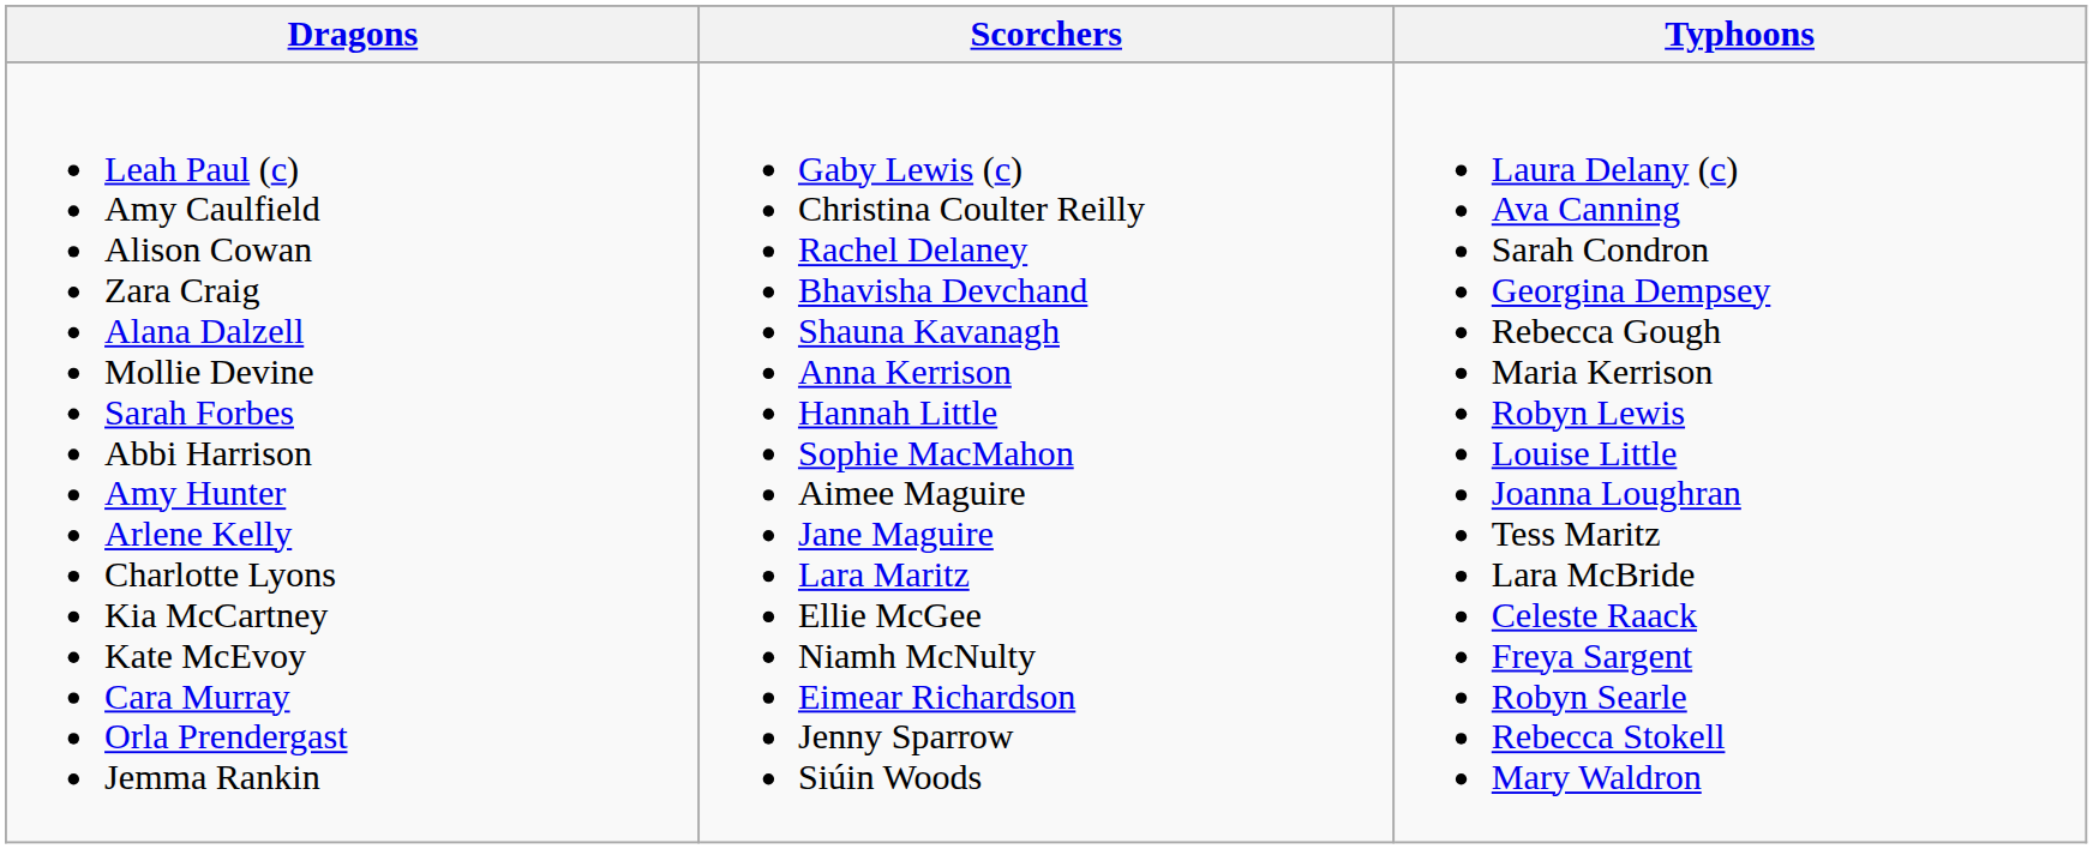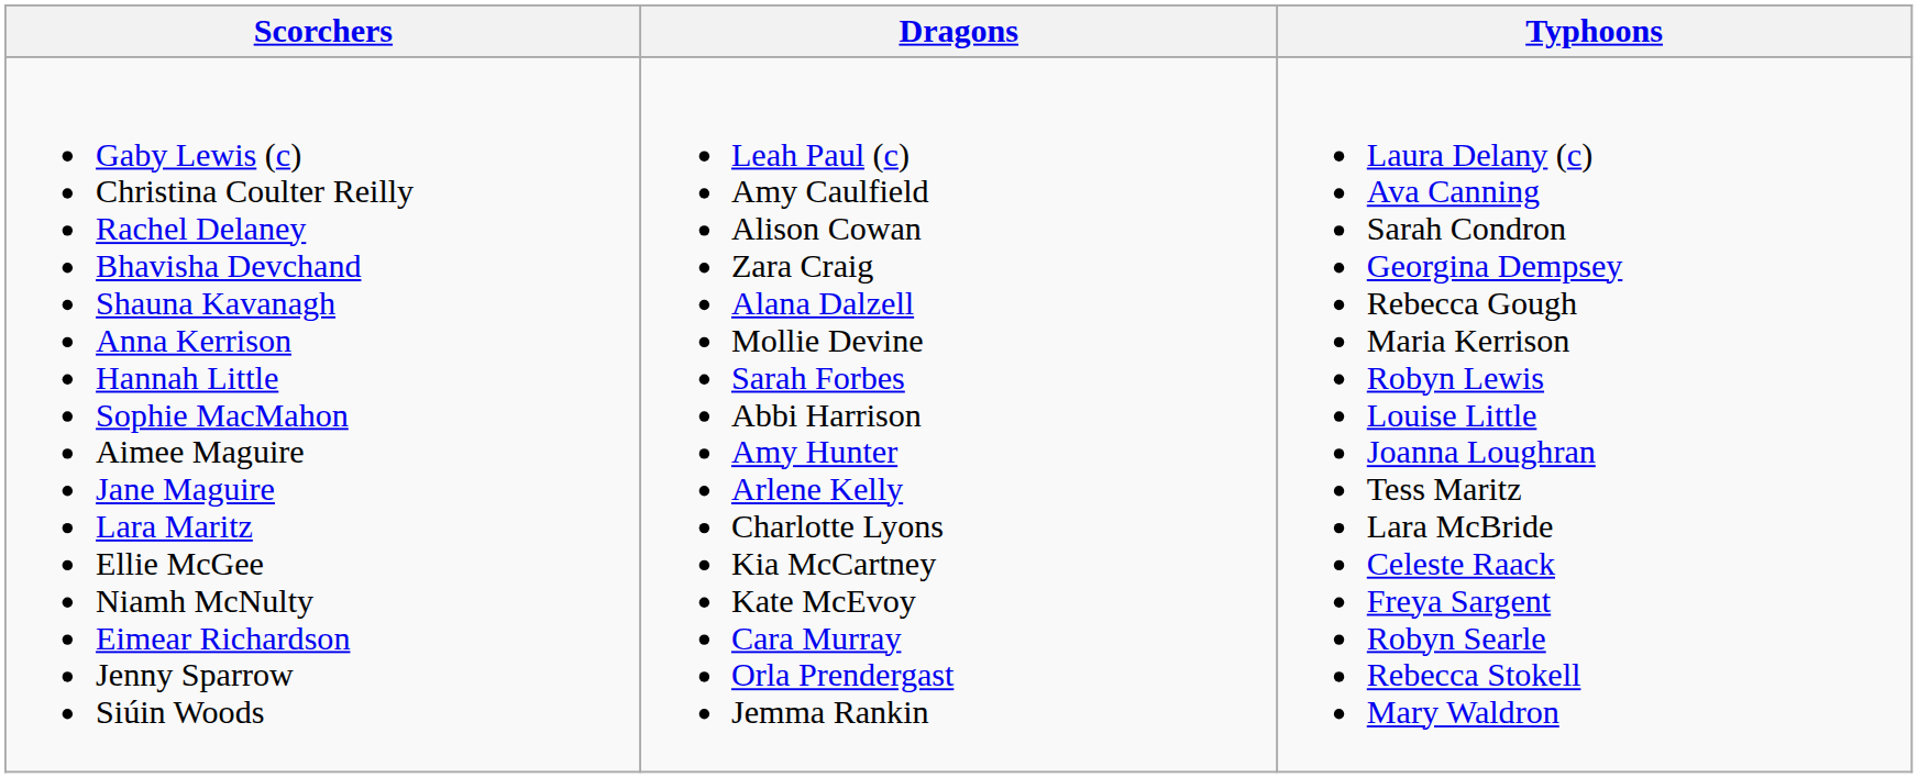 <table class="wikitable">
 <tr>
+<th width=300><a href='#'>Scorchers</a></th>
 <th width=300><a href='#'>Dragons</a></th>
-<th width=300><a href='#'>Scorchers</a></th>
 <th width=300><a href='#'>Typhoons</a></th>
 </tr>
 <tr>
+<td valign=top><br><ul><li><a href='#'>Gaby Lewis</a> (<a href='#'>c</a>)</li><li>Christina Coulter Reilly</li><li><a href='#'>Rachel Delaney</a></li><li><a href='#'>Bhavisha Devchand</a></li><li><a href='#'>Shauna Kavanagh</a></li><li><a href='#'>Anna Kerrison</a></li><li><a href='#'>Hannah Little</a></li><li><a href='#'>Sophie MacMahon</a></li><li>Aimee Maguire</li><li><a href='#'>Jane Maguire</a></li><li><a href='#'>Lara Maritz</a></li><li>Ellie McGee</li><li>Niamh McNulty</li><li><a href='#'>Eimear Richardson</a></li><li>Jenny Sparrow</li><li>Siúin Woods</li></ul></td>
 <td valign=top><br><ul><li><a href='#'>Leah Paul</a> (<a href='#'>c</a>)</li><li>Amy Caulfield</li><li>Alison Cowan</li><li>Zara Craig</li><li><a href='#'>Alana Dalzell</a></li><li>Mollie Devine</li><li><a href='#'>Sarah Forbes</a></li><li>Abbi Harrison</li><li><a href='#'>Amy Hunter</a></li><li><a href='#'>Arlene Kelly</a></li><li>Charlotte Lyons</li><li>Kia McCartney</li><li>Kate McEvoy</li><li><a href='#'>Cara Murray</a></li><li><a href='#'>Orla Prendergast</a></li><li>Jemma Rankin</li></ul></td>
-<td valign=top><br><ul><li><a href='#'>Gaby Lewis</a> (<a href='#'>c</a>)</li><li>Christina Coulter Reilly</li><li><a href='#'>Rachel Delaney</a></li><li><a href='#'>Bhavisha Devchand</a></li><li><a href='#'>Shauna Kavanagh</a></li><li><a href='#'>Anna Kerrison</a></li><li><a href='#'>Hannah Little</a></li><li><a href='#'>Sophie MacMahon</a></li><li>Aimee Maguire</li><li><a href='#'>Jane Maguire</a></li><li><a href='#'>Lara Maritz</a></li><li>Ellie McGee</li><li>Niamh McNulty</li><li><a href='#'>Eimear Richardson</a></li><li>Jenny Sparrow</li><li>Siúin Woods</li></ul></td>
 <td valign=top><br><ul><li><a href='#'>Laura Delany</a> (<a href='#'>c</a>)</li><li><a href='#'>Ava Canning</a></li><li>Sarah Condron</li><li><a href='#'>Georgina Dempsey</a></li><li>Rebecca Gough</li><li>Maria Kerrison</li><li><a href='#'>Robyn Lewis</a></li><li><a href='#'>Louise Little</a></li><li><a href='#'>Joanna Loughran</a></li><li>Tess Maritz</li><li>Lara McBride</li><li><a href='#'>Celeste Raack</a></li><li><a href='#'>Freya Sargent</a></li><li><a href='#'>Robyn Searle</a></li><li><a href='#'>Rebecca Stokell</a></li><li><a href='#'>Mary Waldron</a></li></ul></td>
 </tr>
 </table>
